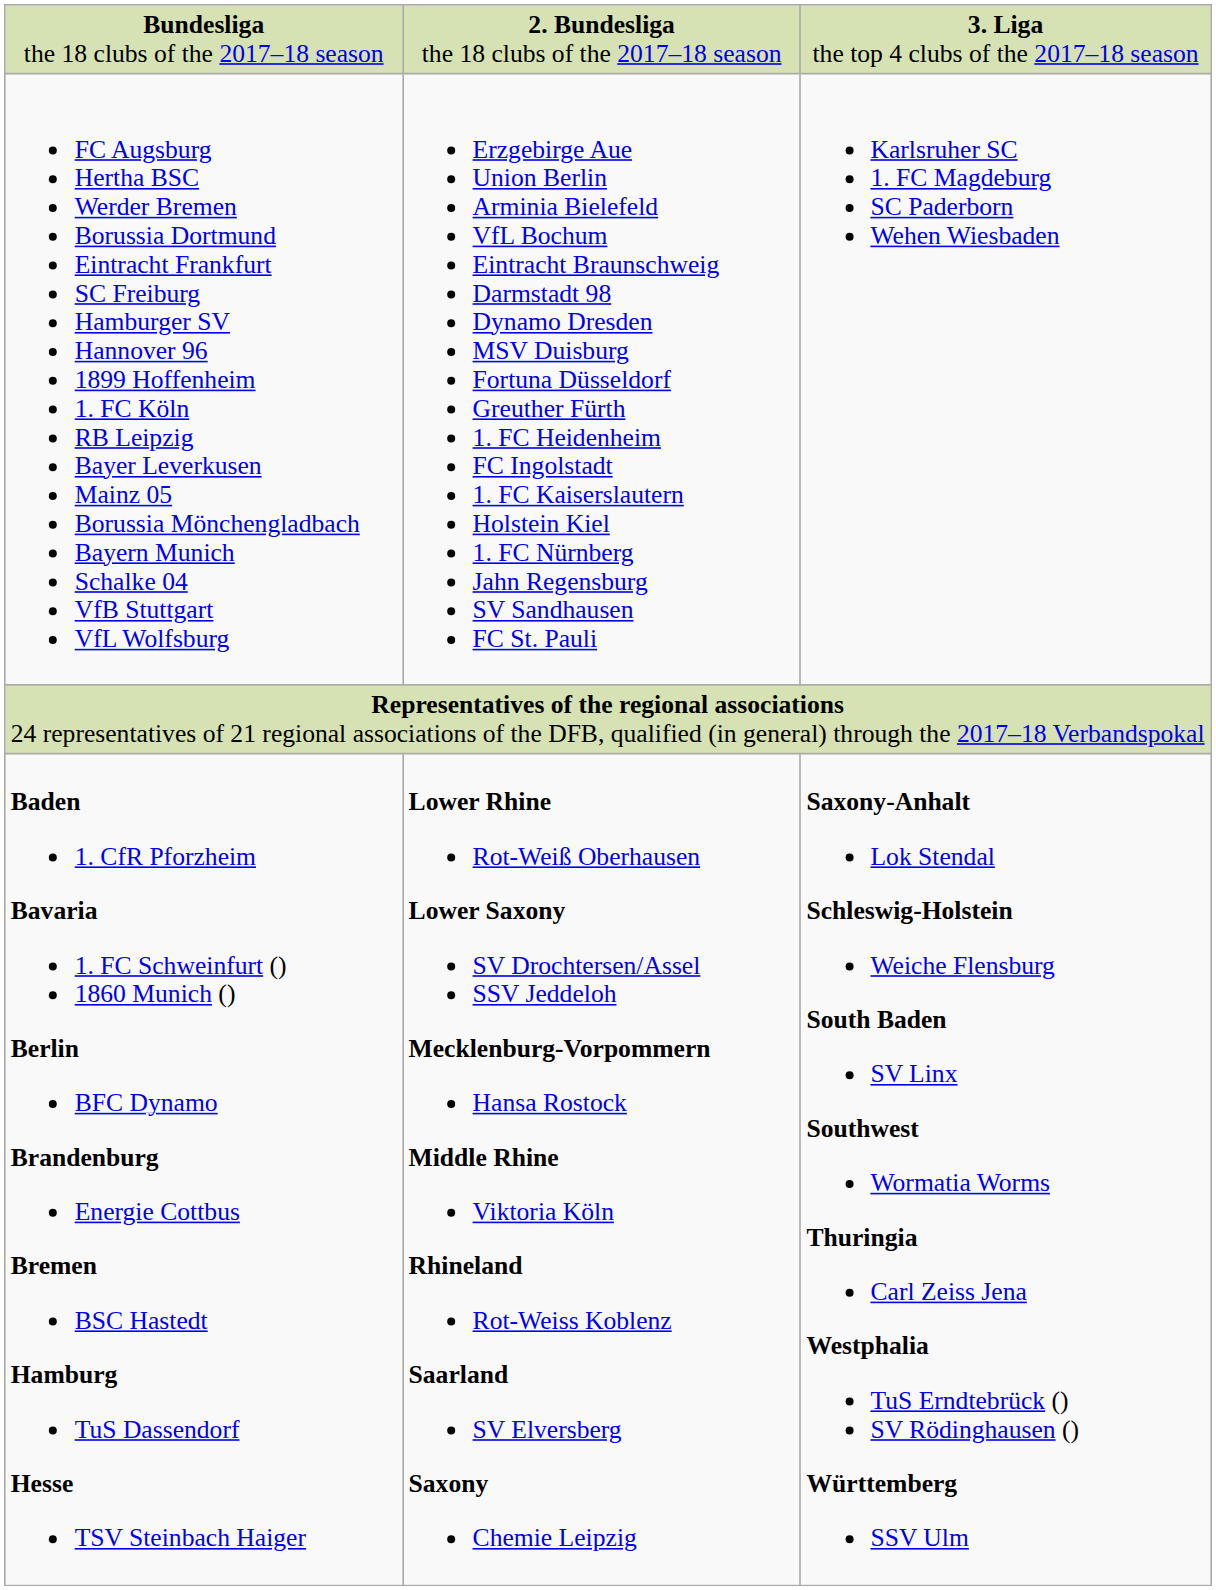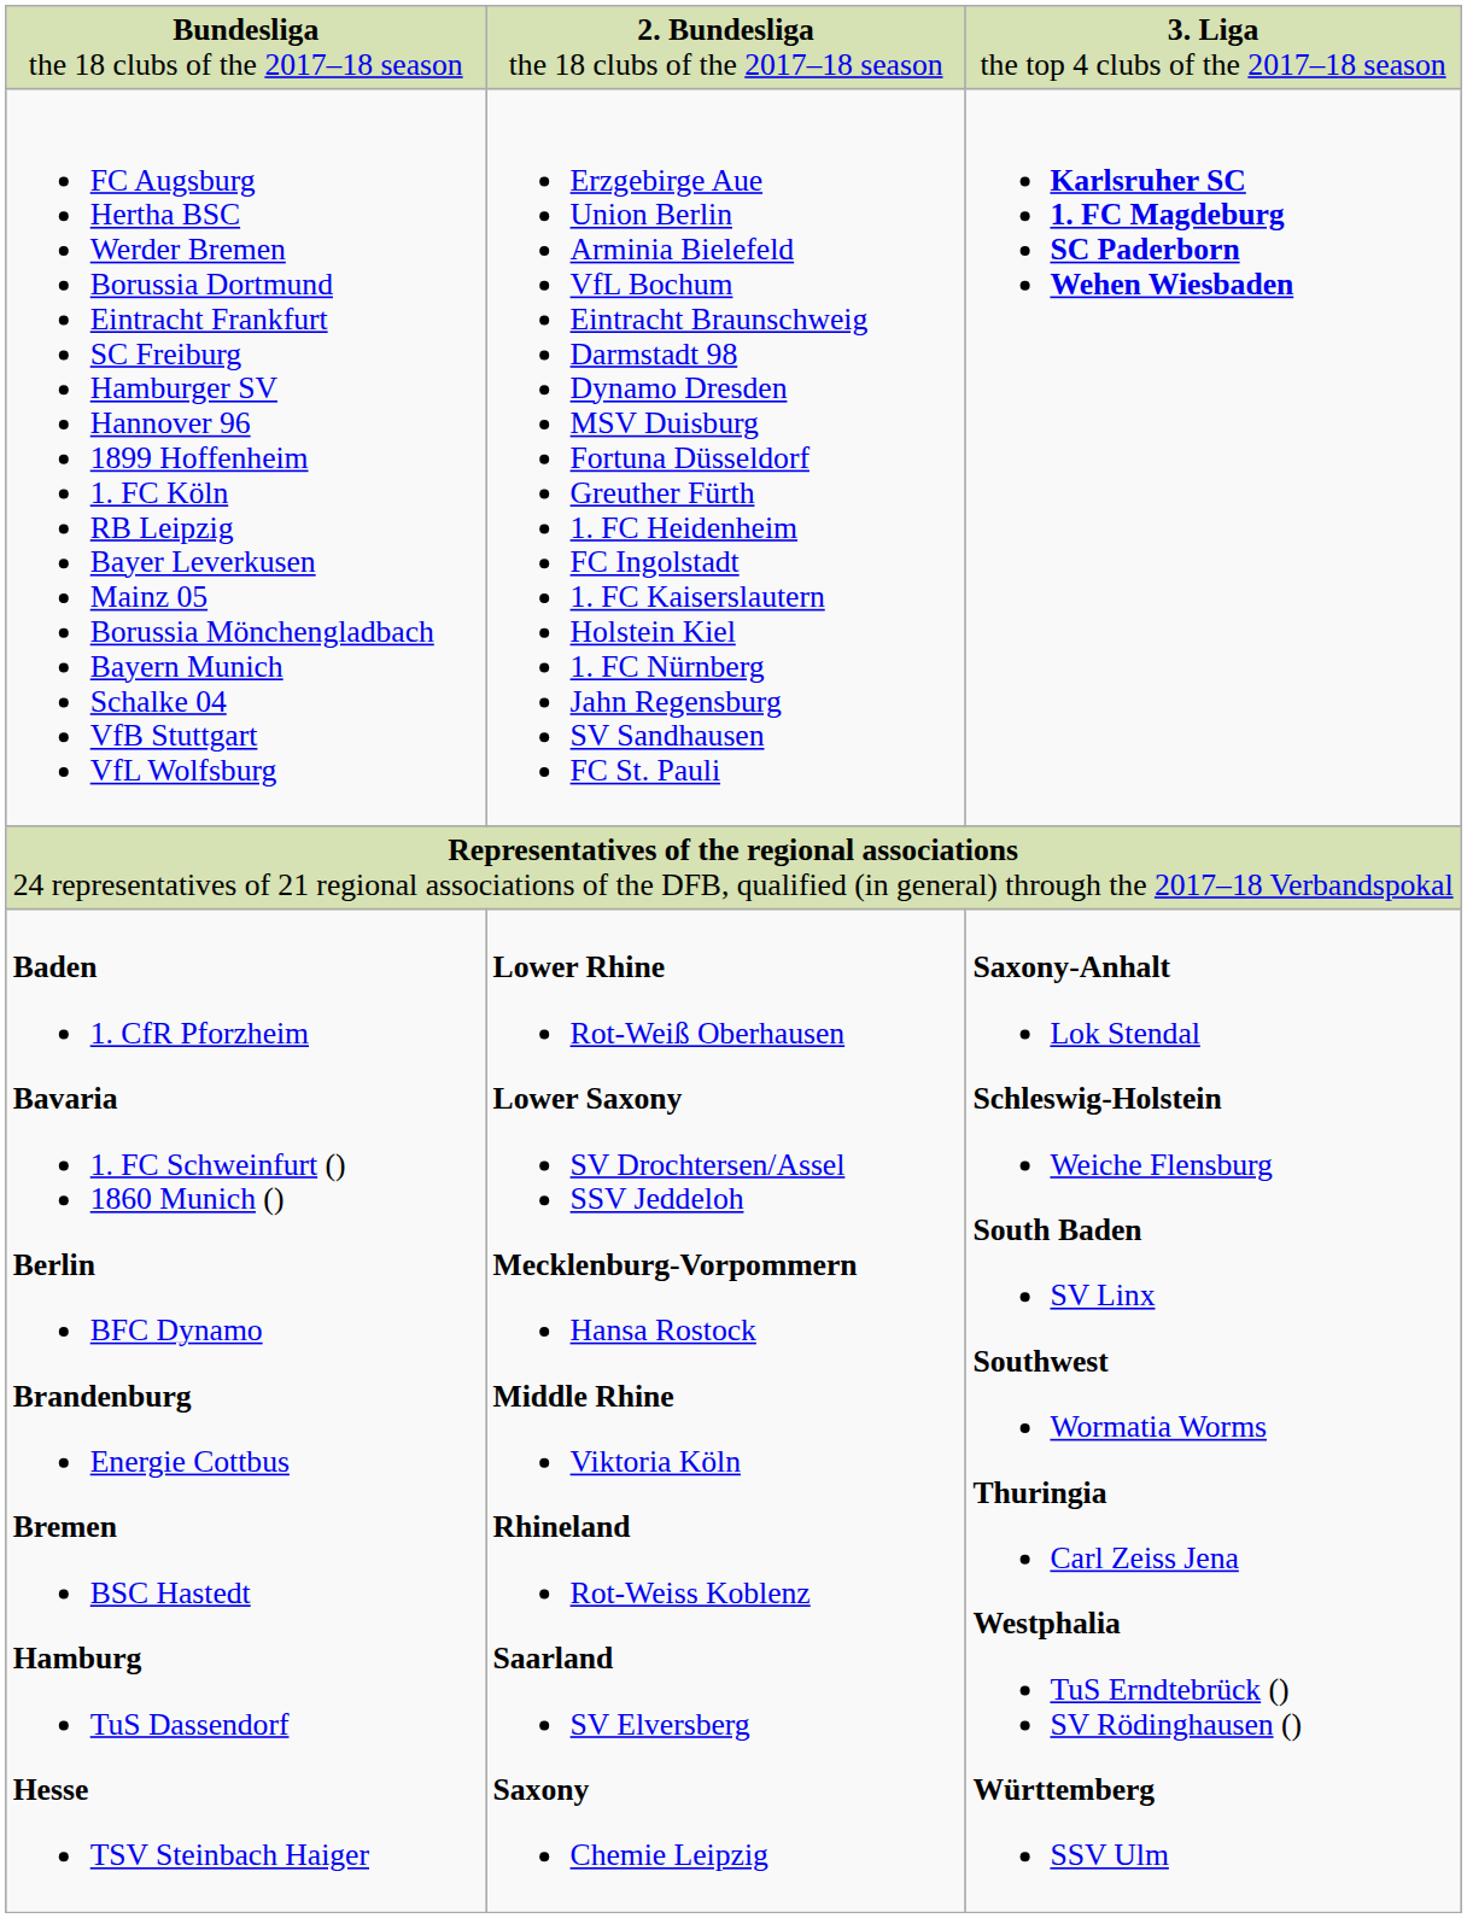 <table class="wikitable">
 <tr style="background:#D6E2B3; text-align:center; vertical-align:top;">
 <td style="width:33%"><strong>Bundesliga</strong><br>the 18 clubs of the <a href='#'>2017–18 season</a></td>
 <td style="width:33%"><strong>2. Bundesliga</strong><br>the 18 clubs of the <a href='#'>2017–18 season</a></td>
 <td style="width:34%"><strong>3. Liga</strong><br>the top 4 clubs of the <a href='#'>2017–18 season</a></td>
 </tr>
 <tr style="vertical-align:top">
 <td><br><ul><li><a href='#'>FC Augsburg</a></li><li><a href='#'>Hertha BSC</a></li><li><a href='#'>Werder Bremen</a></li><li><a href='#'>Borussia Dortmund</a></li><li><a href='#'>Eintracht Frankfurt</a></li><li><a href='#'>SC Freiburg</a></li><li><a href='#'>Hamburger SV</a></li><li><a href='#'>Hannover 96</a></li><li><a href='#'>1899 Hoffenheim</a></li><li><a href='#'>1. FC Köln</a></li><li><a href='#'>RB Leipzig</a></li><li><a href='#'>Bayer Leverkusen</a></li><li><a href='#'>Mainz 05</a></li><li><a href='#'>Borussia Mönchengladbach</a></li><li><a href='#'>Bayern Munich</a></li><li><a href='#'>Schalke 04</a></li><li><a href='#'>VfB Stuttgart</a></li><li><a href='#'>VfL Wolfsburg</a></li></ul></td>
 <td><br><ul><li><a href='#'>Erzgebirge Aue</a></li><li><a href='#'>Union Berlin</a></li><li><a href='#'>Arminia Bielefeld</a></li><li><a href='#'>VfL Bochum</a></li><li><a href='#'>Eintracht Braunschweig</a></li><li><a href='#'>Darmstadt 98</a></li><li><a href='#'>Dynamo Dresden</a></li><li><a href='#'>MSV Duisburg</a></li><li><a href='#'>Fortuna Düsseldorf</a></li><li><a href='#'>Greuther Fürth</a></li><li><a href='#'>1. FC Heidenheim</a></li><li><a href='#'>FC Ingolstadt</a></li><li><a href='#'>1. FC Kaiserslautern</a></li><li><a href='#'>Holstein Kiel</a></li><li><a href='#'>1. FC Nürnberg</a></li><li><a href='#'>Jahn Regensburg</a></li><li><a href='#'>SV Sandhausen</a></li><li><a href='#'>FC St. Pauli</a></li></ul></td>
-<td><br><ul><li><a href='#'>Karlsruher SC</a></li><li><a href='#'>1. FC Magdeburg</a></li><li><a href='#'>SC Paderborn</a></li><li><a href='#'>Wehen Wiesbaden</a></li></ul></td>
+<td><strong><br><ul><li><a href='#'>Karlsruher SC</a></li><li><a href='#'>1. FC Magdeburg</a></li><li><a href='#'>SC Paderborn</a></li><li><a href='#'>Wehen Wiesbaden</a></li></ul></strong></td>
 </tr>
 <tr style="background:#D6E2B3; text-align:center;">
 <td colspan="3"><strong>Representatives of the regional associations</strong><br>24 representatives of 21 regional associations of the DFB, qualified (in general) through the <a href='#'>2017–18 Verbandspokal</a></td>
 </tr>
 <tr style="vertical-align:top">
 <td><br><strong>Baden</strong><ul><li><a href='#'>1. CfR Pforzheim</a></li></ul><strong>Bavaria</strong><ul><li><a href='#'>1. FC Schweinfurt</a> ()</li><li><a href='#'>1860 Munich</a> ()</li></ul><strong>Berlin</strong><ul><li><a href='#'>BFC Dynamo</a></li></ul><strong>Brandenburg</strong><ul><li><a href='#'>Energie Cottbus</a></li></ul><strong>Bremen</strong><ul><li><a href='#'>BSC Hastedt</a></li></ul><strong>Hamburg</strong><ul><li><a href='#'>TuS Dassendorf</a></li></ul><strong>Hesse</strong><ul><li><a href='#'>TSV Steinbach Haiger</a></li></ul></td>
 <td><br><strong>Lower Rhine</strong><ul><li><a href='#'>Rot-Weiß Oberhausen</a></li></ul><strong>Lower Saxony</strong><ul><li><a href='#'>SV Drochtersen/Assel</a></li><li><a href='#'>SSV Jeddeloh</a></li></ul><strong>Mecklenburg-Vorpommern</strong><ul><li><a href='#'>Hansa Rostock</a></li></ul><strong>Middle Rhine</strong><ul><li><a href='#'>Viktoria Köln</a></li></ul><strong>Rhineland</strong><ul><li><a href='#'>Rot-Weiss Koblenz</a></li></ul><strong>Saarland</strong><ul><li><a href='#'>SV Elversberg</a></li></ul><strong>Saxony</strong><ul><li><a href='#'>Chemie Leipzig</a></li></ul></td>
 <td><br><strong>Saxony-Anhalt</strong><ul><li><a href='#'>Lok Stendal</a></li></ul><strong>Schleswig-Holstein</strong><ul><li><a href='#'>Weiche Flensburg</a></li></ul><strong>South Baden</strong><ul><li><a href='#'>SV Linx</a></li></ul><strong>Southwest</strong><ul><li><a href='#'>Wormatia Worms</a></li></ul><strong>Thuringia</strong><ul><li><a href='#'>Carl Zeiss Jena</a></li></ul><strong>Westphalia</strong><ul><li><a href='#'>TuS Erndtebrück</a> ()</li><li><a href='#'>SV Rödinghausen</a> ()</li></ul><strong>Württemberg</strong><ul><li><a href='#'>SSV Ulm</a></li></ul></td>
 </tr>
 </table>
